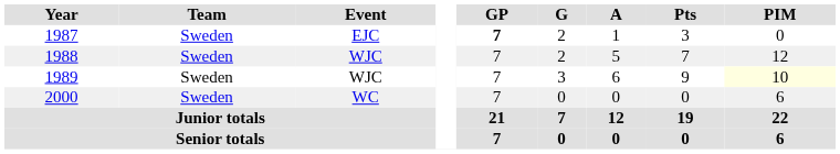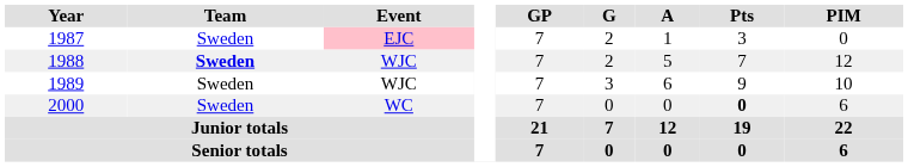 <table border="0" cellpadding="1" cellspacing="0" style="text-align:center; width:50em">
 <tr ALIGN="center" bgcolor="#e0e0e0">
 <th>Year</th>
 <th>Team</th>
 <th>Event</th>
 <th rowspan="99" bgcolor="#ffffff"> </th>
 <th>GP</th>
 <th>G</th>
 <th>A</th>
 <th>Pts</th>
 <th>PIM</th>
 </tr>
 <tr>
 <td><a href='#'>1987</a></td>
 <td><a href='#'>Sweden</a></td>
-<td><a href='#'>EJC</a></td>
-<td><strong>7</strong></td>
+<td style="background: pink;"><a href='#'>EJC</a></td>
+<td>7</td>
 <td>2</td>
 <td>1</td>
 <td>3</td>
 <td>0</td>
 </tr>
 <tr bgcolor="#f0f0f0">
 <td><a href='#'>1988</a></td>
-<td><a href='#'>Sweden</a></td>
+<td><strong><a href='#'>Sweden</a></strong></td>
 <td><a href='#'>WJC</a></td>
 <td>7</td>
 <td>2</td>
 <td>5</td>
 <td>7</td>
 <td>12</td>
 </tr>
 <tr>
 <td><a href='#'>1989</a></td>
 <td>Sweden</td>
 <td>WJC</td>
 <td>7</td>
 <td>3</td>
 <td>6</td>
 <td>9</td>
-<td style="background: lightyellow;">10</td>
+<td>10</td>
 </tr>
 <tr bgcolor="#f0f0f0">
 <td><a href='#'>2000</a></td>
 <td><a href='#'>Sweden</a></td>
 <td><a href='#'>WC</a></td>
 <td>7</td>
 <td>0</td>
 <td>0</td>
-<td>0</td>
+<td><strong>0</strong></td>
 <td>6</td>
 </tr>
 <tr bgcolor="#e0e0e0">
 <th colspan="3">Junior totals</th>
 <th>21</th>
 <th>7</th>
 <th>12</th>
 <th>19</th>
 <th>22</th>
 </tr>
 <tr bgcolor="#e0e0e0">
 <th colspan="3">Senior totals</th>
 <th>7</th>
 <th>0</th>
 <th>0</th>
 <th>0</th>
 <th>6</th>
 </tr>
 </table>
